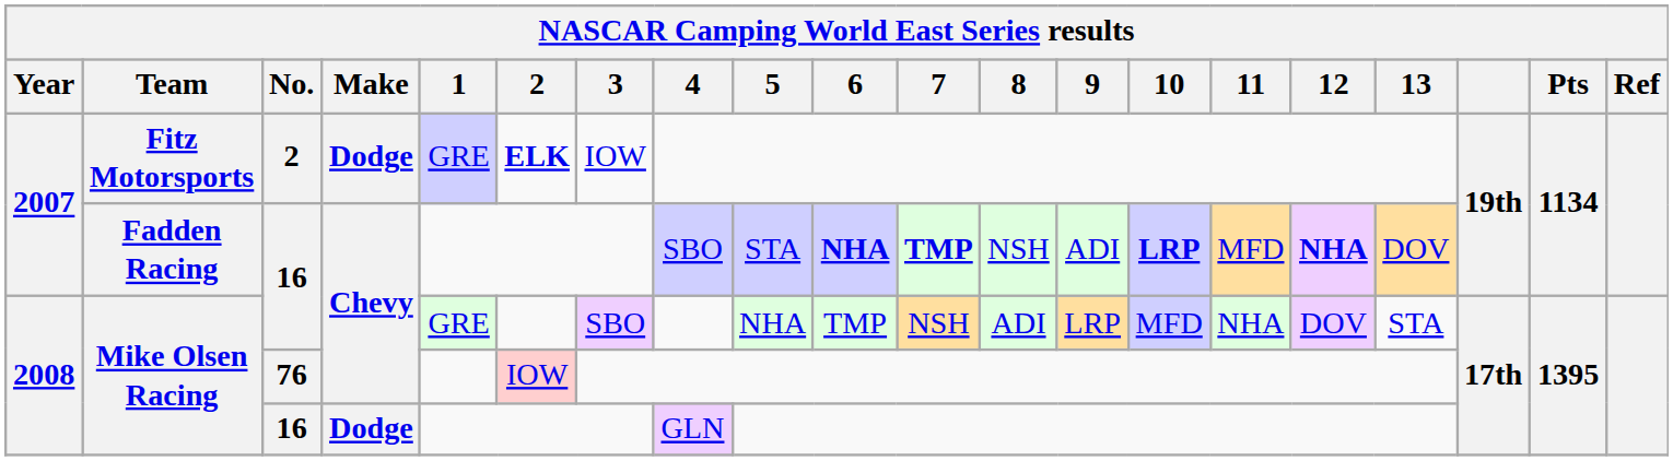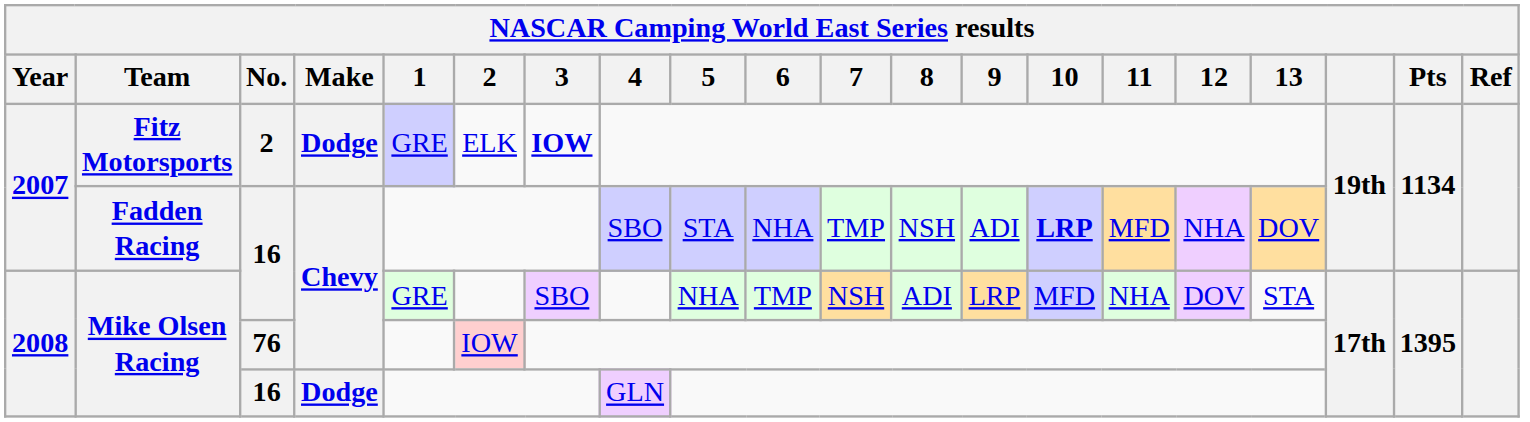 <table class="wikitable" style="text-align:center; font-size:75%">
 <tr>
 <th colspan=20><a href='#'>NASCAR Camping World East Series</a> results</th>
 </tr>
 <tr>
 <th>Year</th>
 <th>Team</th>
 <th>No.</th>
 <th>Make</th>
 <th>1</th>
 <th>2</th>
 <th>3</th>
 <th>4</th>
 <th>5</th>
 <th>6</th>
 <th>7</th>
 <th>8</th>
 <th>9</th>
 <th>10</th>
 <th>11</th>
 <th>12</th>
 <th>13</th>
 <th></th>
 <th>Pts</th>
 <th>Ref</th>
 </tr>
 <tr>
 <th rowspan=2><a href='#'>2007</a></th>
 <th><a href='#'>Fitz Motorsports</a></th>
 <th>2</th>
 <th><a href='#'>Dodge</a></th>
 <td style="background:#CFCFFF;"><a href='#'>GRE</a><br></td>
-<td><strong><a href='#'>ELK</a></strong></td>
-<td><a href='#'>IOW</a></td>
+<td><a href='#'>ELK</a></td>
+<td><strong><a href='#'>IOW</a></strong></td>
 <td colspan=10></td>
 <th rowspan=2>19th</th>
 <th rowspan=2>1134</th>
 <th rowspan=2></th>
 </tr>
 <tr>
 <th><a href='#'>Fadden Racing</a></th>
 <th rowspan=2>16</th>
 <th rowspan=3><a href='#'>Chevy</a></th>
 <td colspan=3></td>
 <td style="background:#CFCFFF;"><a href='#'>SBO</a><br></td>
 <td style="background:#CFCFFF;"><a href='#'>STA</a><br></td>
-<td style="background:#CFCFFF;"><strong><a href='#'>NHA</a><br></strong></td>
-<td style="background:#DFFFDF;"><strong><a href='#'>TMP</a><br></strong></td>
+<td style="background:#CFCFFF;"><a href='#'>NHA</a><br></td>
+<td style="background:#DFFFDF;"><a href='#'>TMP</a><br></td>
 <td style="background:#DFFFDF;"><a href='#'>NSH</a><br></td>
 <td style="background:#DFFFDF;"><a href='#'>ADI</a><br></td>
 <td style="background:#CFCFFF;"><strong><a href='#'>LRP</a><br></strong></td>
 <td style="background:#FFDF9F;"><a href='#'>MFD</a><br></td>
-<td style="background:#EFCFFF;"><strong><a href='#'>NHA</a><br></strong></td>
+<td style="background:#EFCFFF;"><a href='#'>NHA</a><br></td>
 <td style="background:#FFDF9F;"><a href='#'>DOV</a><br></td>
 </tr>
 <tr>
 <th rowspan=3><a href='#'>2008</a></th>
 <th rowspan=3><a href='#'>Mike Olsen Racing</a></th>
 <td style="background:#DFFFDF;"><a href='#'>GRE</a><br></td>
 <td></td>
 <td style="background:#EFCFFF;"><a href='#'>SBO</a><br></td>
 <td></td>
 <td style="background:#DFFFDF;"><a href='#'>NHA</a><br></td>
 <td style="background:#DFFFDF;"><a href='#'>TMP</a><br></td>
 <td style="background:#FFDF9F;"><a href='#'>NSH</a><br></td>
 <td style="background:#DFFFDF;"><a href='#'>ADI</a><br></td>
 <td style="background:#FFDF9F;"><a href='#'>LRP</a><br></td>
 <td style="background:#CFCFFF;"><a href='#'>MFD</a><br></td>
 <td style="background:#DFFFDF;"><a href='#'>NHA</a><br></td>
 <td style="background:#EFCFFF;"><a href='#'>DOV</a><br></td>
 <td><a href='#'>STA</a></td>
 <th rowspan=3>17th</th>
 <th rowspan=3>1395</th>
 <th rowspan=3></th>
 </tr>
 <tr>
 <th>76</th>
 <td></td>
 <td style="background:#FFCFCF;"><a href='#'>IOW</a><br></td>
 <td colspan=11></td>
 </tr>
 <tr>
 <th>16</th>
 <th><a href='#'>Dodge</a></th>
 <td colspan=3></td>
 <td style="background:#EFCFFF;"><a href='#'>GLN</a><br></td>
 <td colspan=9></td>
 </tr>
 </table>
